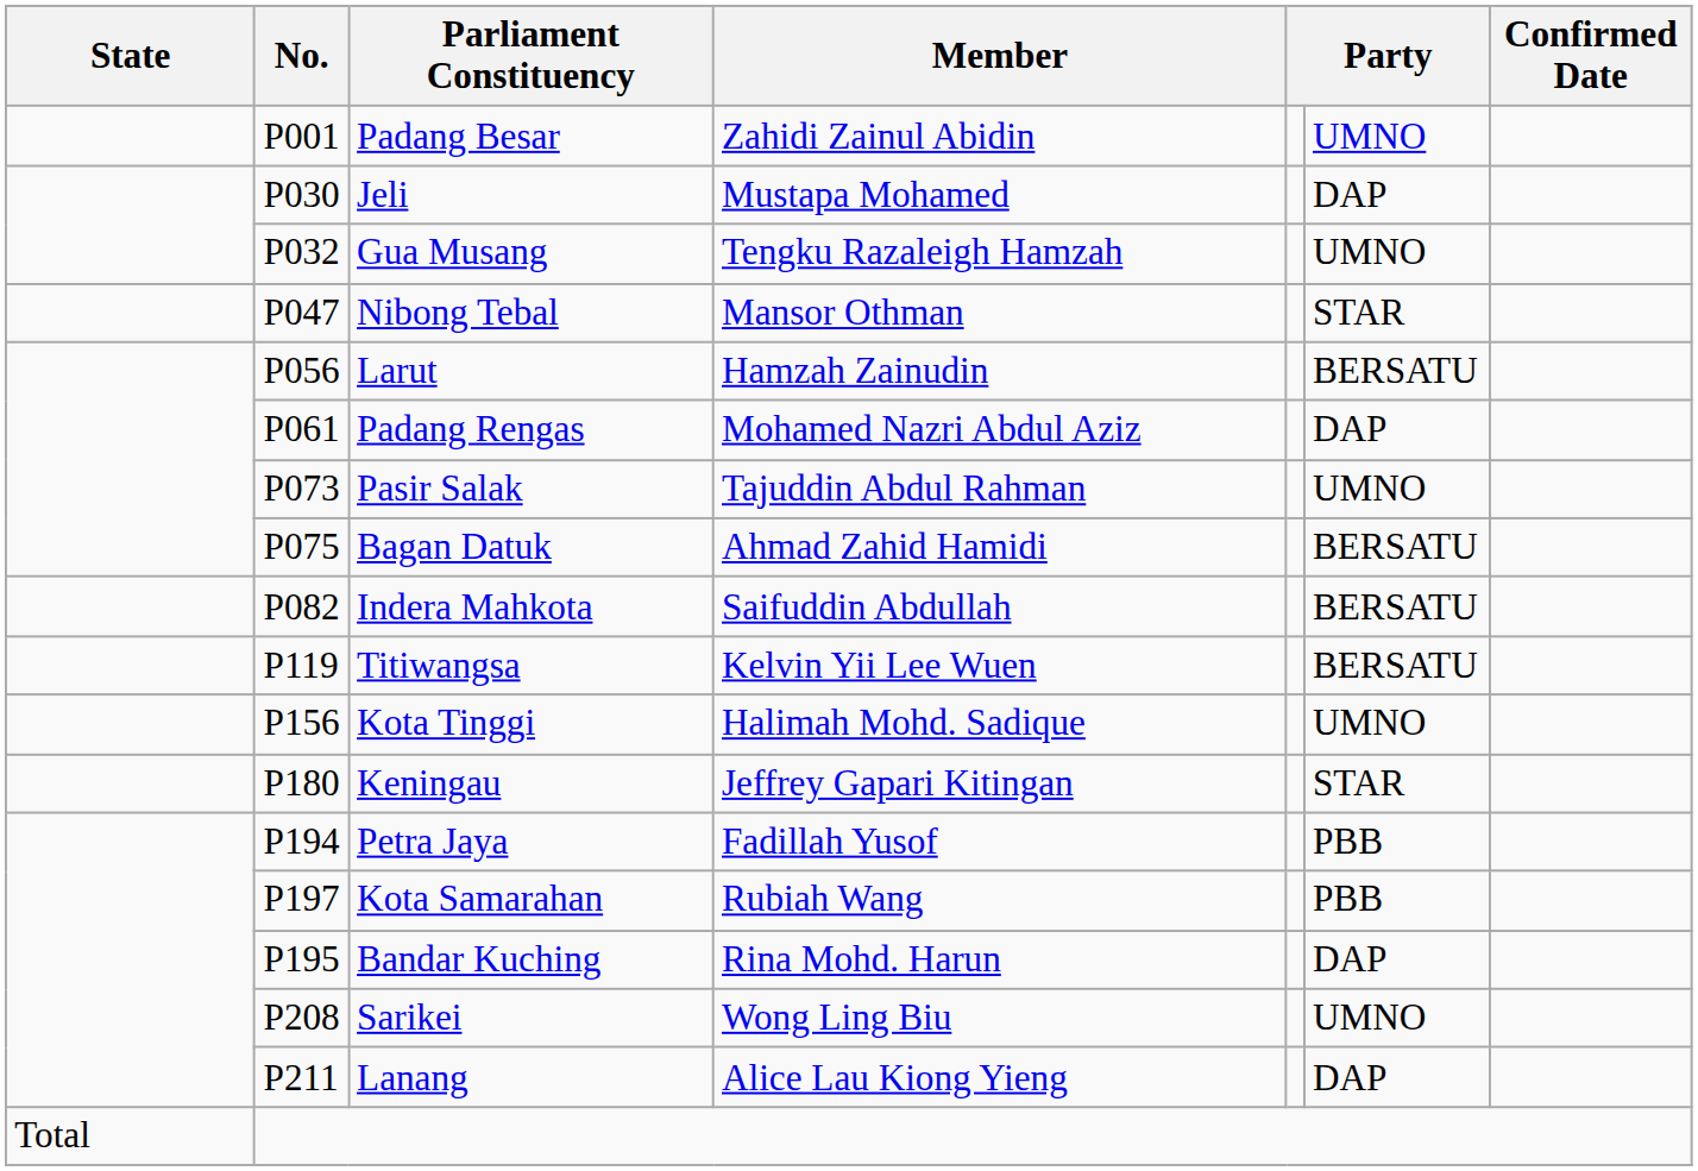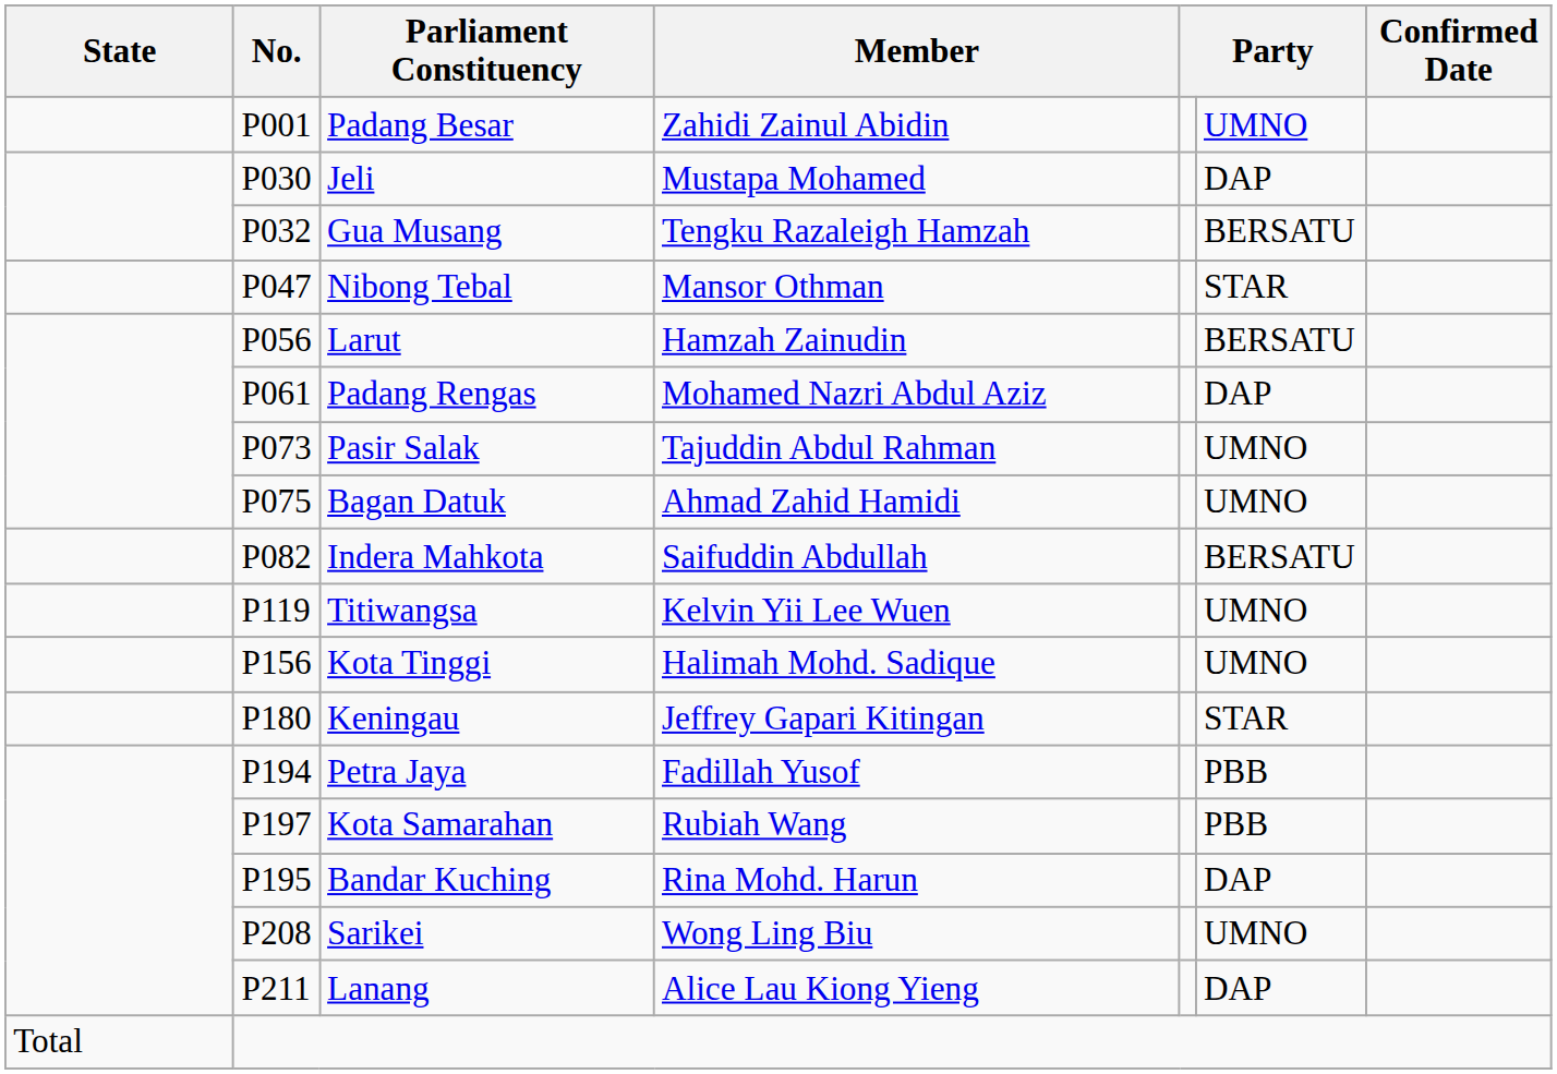 <table class ="wikitable sortable">
 <tr>
 <th style="width:100px;">State</th>
 <th style="width:30px;">No.</th>
 <th style="width:150px;">Parliament Constituency</th>
 <th style="width:240px;">Member</th>
 <th style="width:80px;" colspan=2>Party</th>
 <th style="width:80px;">Confirmed Date</th>
 </tr>
 <tr>
 <td rowspan=1></td>
 <td>P001</td>
 <td><a href='#'>Padang Besar</a></td>
 <td><a href='#'>Zahidi Zainul Abidin</a></td>
 <td></td>
 <td><a href='#'>UMNO</a></td>
 <td></td>
 </tr>
 <tr>
 <td rowspan=2></td>
 <td>P030</td>
 <td><a href='#'>Jeli</a></td>
 <td><a href='#'>Mustapa Mohamed</a></td>
 <td></td>
 <td>DAP</td>
 <td></td>
 </tr>
 <tr>
 <td>P032</td>
 <td><a href='#'>Gua Musang</a></td>
 <td><a href='#'>Tengku Razaleigh Hamzah</a></td>
 <td></td>
-<td>UMNO</td>
+<td>BERSATU</td>
 <td></td>
 </tr>
 <tr>
 <td rowspan=1></td>
 <td>P047</td>
 <td><a href='#'>Nibong Tebal</a></td>
 <td><a href='#'>Mansor Othman</a></td>
 <td></td>
 <td>STAR</td>
 <td></td>
 </tr>
 <tr>
 <td rowspan=4></td>
 <td>P056</td>
 <td><a href='#'>Larut</a></td>
 <td><a href='#'>Hamzah Zainudin</a></td>
 <td></td>
 <td>BERSATU</td>
 <td></td>
 </tr>
 <tr>
 <td>P061</td>
 <td><a href='#'>Padang Rengas</a></td>
 <td><a href='#'>Mohamed Nazri Abdul Aziz</a></td>
 <td></td>
 <td>DAP</td>
 <td></td>
 </tr>
 <tr>
 <td>P073</td>
 <td><a href='#'>Pasir Salak</a></td>
 <td><a href='#'>Tajuddin Abdul Rahman</a></td>
 <td></td>
 <td>UMNO</td>
 <td></td>
 </tr>
 <tr>
 <td>P075</td>
 <td><a href='#'>Bagan Datuk</a></td>
 <td><a href='#'>Ahmad Zahid Hamidi</a></td>
 <td></td>
-<td>BERSATU</td>
+<td>UMNO</td>
 <td></td>
 </tr>
 <tr>
 <td rowspan=1></td>
 <td>P082</td>
 <td><a href='#'>Indera Mahkota</a></td>
 <td><a href='#'>Saifuddin Abdullah</a></td>
 <td></td>
 <td>BERSATU</td>
 <td></td>
 </tr>
 <tr>
 <td rowspan=1></td>
 <td>P119</td>
 <td><a href='#'>Titiwangsa</a></td>
 <td><a href='#'>Kelvin Yii Lee Wuen</a></td>
 <td></td>
-<td>BERSATU</td>
+<td>UMNO</td>
 <td></td>
 </tr>
 <tr>
 <td rowspan="1"></td>
 <td>P156</td>
 <td><a href='#'>Kota Tinggi</a></td>
 <td><a href='#'>Halimah Mohd. Sadique</a></td>
 <td></td>
 <td>UMNO</td>
 <td></td>
 </tr>
 <tr>
 <td rowspan="1"></td>
 <td>P180</td>
 <td><a href='#'>Keningau</a></td>
 <td><a href='#'>Jeffrey Gapari Kitingan</a></td>
 <td style="background:"></td>
 <td>STAR</td>
 <td></td>
 </tr>
 <tr>
 <td rowspan="5"></td>
 <td>P194</td>
 <td><a href='#'>Petra Jaya</a></td>
 <td><a href='#'>Fadillah Yusof</a></td>
 <td></td>
 <td>PBB</td>
 <td></td>
 </tr>
 <tr>
 <td>P197</td>
 <td><a href='#'>Kota Samarahan</a></td>
 <td><a href='#'>Rubiah Wang</a></td>
 <td></td>
 <td>PBB</td>
 <td></td>
 </tr>
 <tr>
 <td>P195</td>
 <td><a href='#'>Bandar Kuching</a></td>
 <td><a href='#'>Rina Mohd. Harun</a></td>
 <td></td>
 <td>DAP</td>
 <td></td>
 </tr>
 <tr>
 <td>P208</td>
 <td><a href='#'>Sarikei</a></td>
 <td><a href='#'>Wong Ling Biu</a></td>
 <td></td>
 <td>UMNO</td>
 <td></td>
 </tr>
 <tr>
 <td>P211</td>
 <td><a href='#'>Lanang</a></td>
 <td><a href='#'>Alice Lau Kiong Yieng</a></td>
 <td></td>
 <td>DAP</td>
 <td></td>
 </tr>
 <tr>
 <td>Total</td>
 <td style="width:30px;" colspan=6></td>
 </tr>
 </table>
